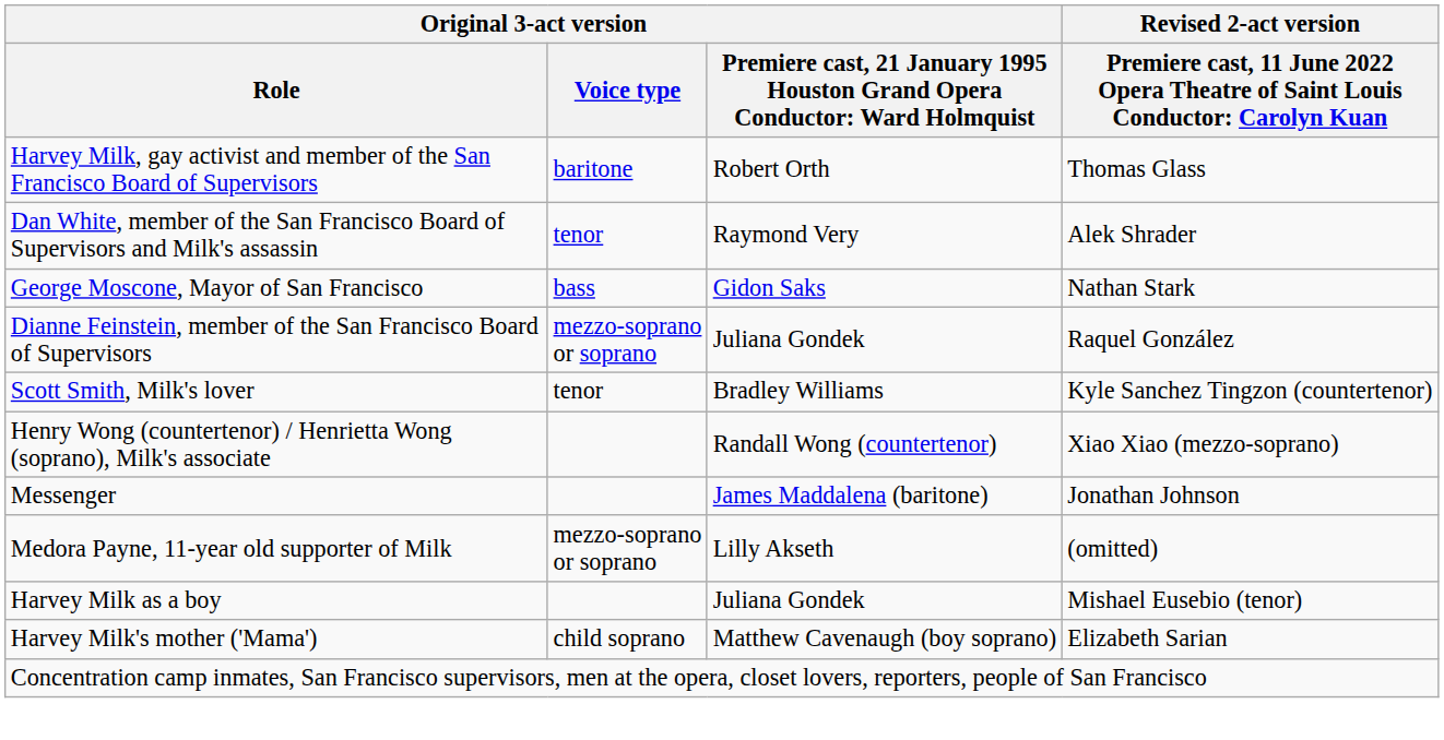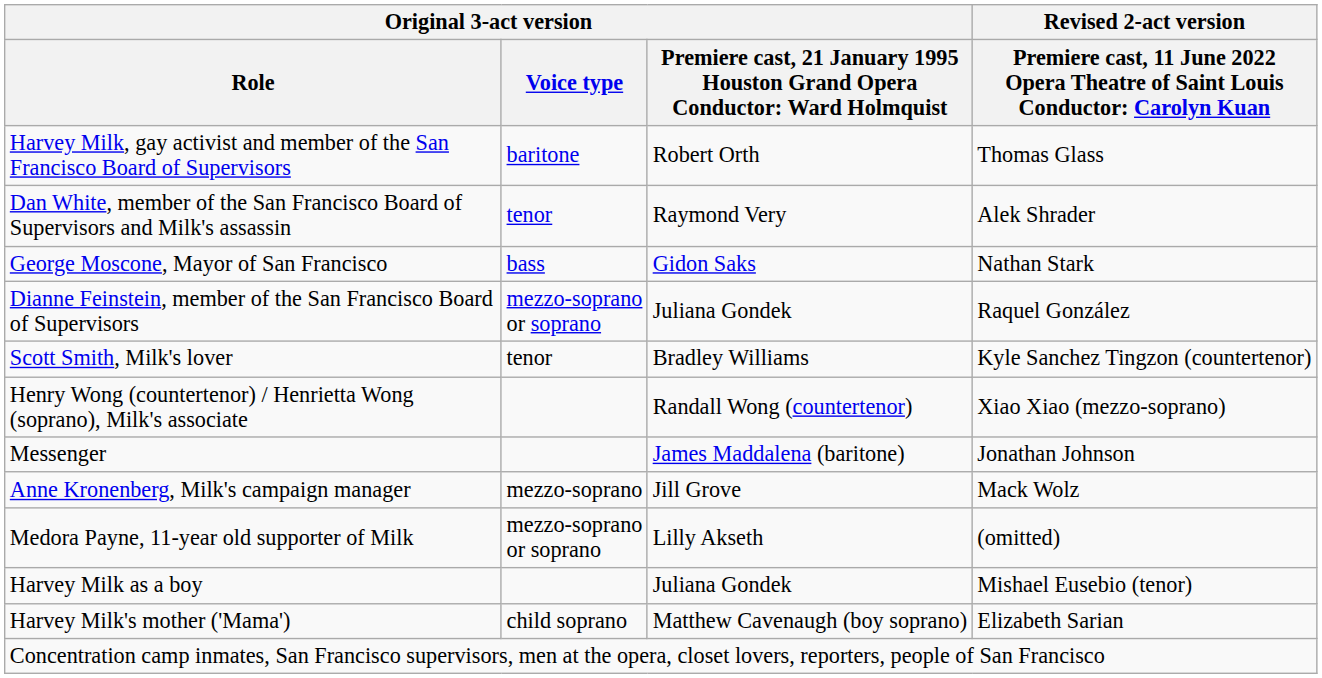 <table class="wikitable">
 <tr>
 <th colspan=3>Original 3-act version</th>
 <th>Revised 2-act version</th>
 </tr>
 <tr>
 <th style="width:350px">Role</th>
 <th><a href='#'>Voice type</a></th>
 <th>Premiere cast, 21 January 1995<br>Houston Grand Opera<br>Conductor: Ward Holmquist</th>
 <th>Premiere cast, 11 June 2022<br>Opera Theatre of Saint Louis<br>Conductor: <a href='#'>Carolyn Kuan</a></th>
 </tr>
 <tr>
 <td><a href='#'>Harvey Milk</a>, gay activist and member of the <a href='#'>San Francisco Board of Supervisors</a></td>
 <td><a href='#'>baritone</a></td>
 <td>Robert Orth</td>
 <td>Thomas Glass</td>
 </tr>
 <tr>
 <td><a href='#'>Dan White</a>, member of the San Francisco Board of Supervisors and Milk's assassin</td>
 <td><a href='#'>tenor</a></td>
 <td>Raymond Very</td>
 <td>Alek Shrader</td>
 </tr>
 <tr>
 <td><a href='#'>George Moscone</a>, Mayor of San Francisco</td>
 <td><a href='#'>bass</a></td>
 <td><a href='#'>Gidon Saks</a></td>
 <td>Nathan Stark</td>
 </tr>
 <tr>
 <td><a href='#'>Dianne Feinstein</a>, member of the San Francisco Board of Supervisors</td>
 <td><a href='#'>mezzo-soprano</a><br>or <a href='#'>soprano</a></td>
 <td>Juliana Gondek</td>
 <td>Raquel González</td>
 </tr>
 <tr>
 <td><a href='#'>Scott Smith</a>, Milk's lover</td>
 <td>tenor</td>
 <td>Bradley Williams</td>
 <td>Kyle Sanchez Tingzon (countertenor)</td>
 </tr>
 <tr>
 <td>Henry Wong (countertenor) / Henrietta Wong (soprano), Milk's associate</td>
 <td></td>
 <td>Randall Wong (<a href='#'>countertenor</a>)</td>
 <td>Xiao Xiao (mezzo-soprano)</td>
 </tr>
 <tr>
 <td>Messenger</td>
 <td></td>
 <td><a href='#'>James Maddalena</a> (baritone)</td>
 <td>Jonathan Johnson</td>
 </tr>
 <tr>
+<td><a href='#'>Anne Kronenberg</a>, Milk's campaign manager</td>
+<td>mezzo-soprano</td>
+<td>Jill Grove</td>
+<td>Mack Wolz</td>
+</tr>
+<tr>
 <td>Medora Payne, 11-year old supporter of Milk</td>
 <td>mezzo-soprano<br>or soprano</td>
 <td>Lilly Akseth</td>
 <td>(omitted)</td>
 </tr>
 <tr>
 <td>Harvey Milk as a boy</td>
 <td></td>
 <td>Juliana Gondek</td>
 <td>Mishael Eusebio (tenor)</td>
 </tr>
 <tr>
 <td>Harvey Milk's mother ('Mama')</td>
 <td>child soprano</td>
 <td>Matthew Cavenaugh (boy soprano)</td>
 <td>Elizabeth Sarian</td>
 </tr>
 <tr>
 <td colspan="4">Concentration camp inmates, San Francisco supervisors, men at the opera, closet lovers, reporters, people of San Francisco</td>
 </tr>
 </table>
